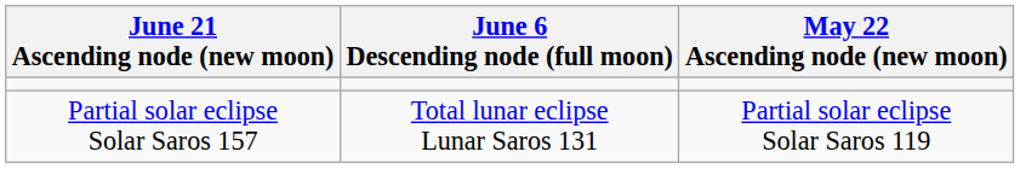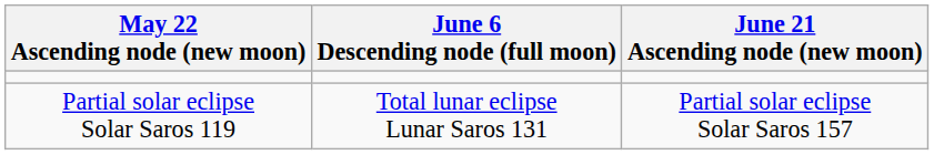 <table class="wikitable">
 <tr>
+<th><a href='#'>May 22</a><br>Ascending node (new moon)<br></th>
+<th><a href='#'>June 6</a><br>Descending node (full moon)<br></th>
 <th><a href='#'>June 21</a><br>Ascending node (new moon)<br></th>
-<th><a href='#'>June 6</a><br>Descending node (full moon)<br></th>
-<th><a href='#'>May 22</a><br>Ascending node (new moon)<br></th>
 </tr>
 <tr>
 <td></td>
 <td></td>
 <td></td>
 </tr>
 <tr align=center>
+<td><a href='#'>Partial solar eclipse</a><br>Solar Saros 119</td>
+<td><a href='#'>Total lunar eclipse</a><br>Lunar Saros 131</td>
 <td><a href='#'>Partial solar eclipse</a><br>Solar Saros 157</td>
-<td><a href='#'>Total lunar eclipse</a><br>Lunar Saros 131</td>
-<td><a href='#'>Partial solar eclipse</a><br>Solar Saros 119</td>
 </tr>
 </table>
